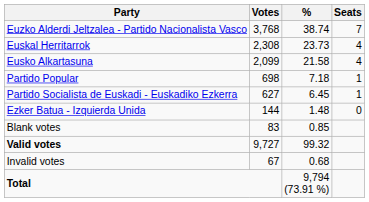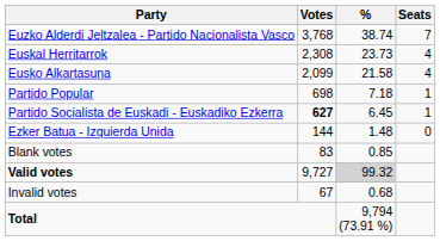 <table class="wikitable" border="1">
 <tr style="background-color:#E9E9E9">
 <th>Party</th>
 <th>Votes</th>
 <th>%</th>
 <th>Seats</th>
 </tr>
 <tr>
 <td><a href='#'>Euzko Alderdi Jeltzalea - Partido Nacionalista Vasco</a></td>
 <td align="right">3,768</td>
 <td align="right">38.74</td>
 <td align="right">7</td>
 </tr>
 <tr>
 <td><a href='#'>Euskal Herritarrok</a></td>
 <td align="right">2,308</td>
 <td align="right">23.73</td>
 <td align="right">4</td>
 </tr>
 <tr>
 <td><a href='#'>Eusko Alkartasuna</a></td>
 <td align="right">2,099</td>
 <td align="right">21.58</td>
 <td align="right">4</td>
 </tr>
 <tr>
 <td><a href='#'>Partido Popular</a></td>
 <td align="right">698</td>
 <td align="right">7.18</td>
 <td align="right">1</td>
 </tr>
 <tr>
 <td><a href='#'>Partido Socialista de Euskadi - Euskadiko Ezkerra</a></td>
-<td align="right">627</td>
+<td align="right"><strong>627</strong></td>
 <td align="right">6.45</td>
 <td align="right">1</td>
 </tr>
 <tr>
 <td><a href='#'>Ezker Batua - Izquierda Unida</a></td>
 <td align="right">144</td>
 <td align="right">1.48</td>
 <td align="right">0</td>
 </tr>
 <tr>
 <td>Blank votes</td>
 <td align="right">83</td>
 <td align="right">0.85</td>
 <td> </td>
 </tr>
 <tr>
 <td><strong>Valid votes</strong></td>
 <td align="right">9,727</td>
-<td align="right">99.32</td>
+<td align="right" style="background: lightgrey;">99.32</td>
 <td> </td>
 </tr>
 <tr>
 <td>Invalid votes</td>
 <td align="right">67</td>
 <td align="right">0.68</td>
 <td> </td>
 </tr>
 <tr>
 <td colspan="2"><strong>Total</strong></td>
 <td align="right">9,794<br>(73.91 %)</td>
 <td></td>
 </tr>
 </table>
